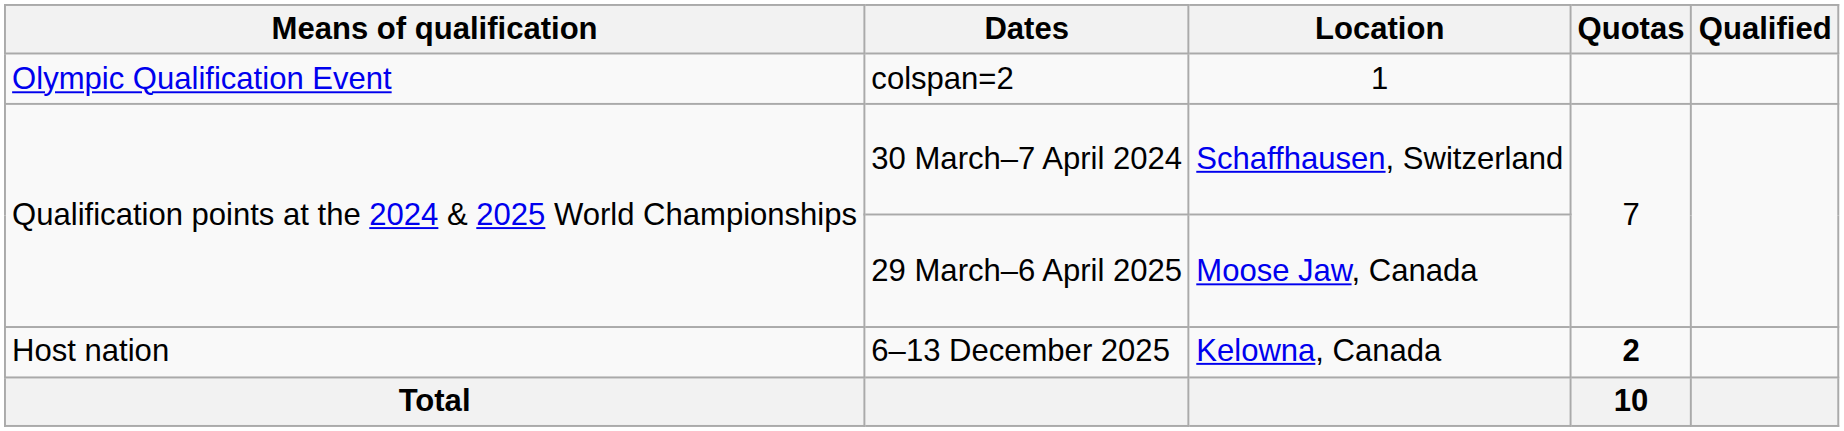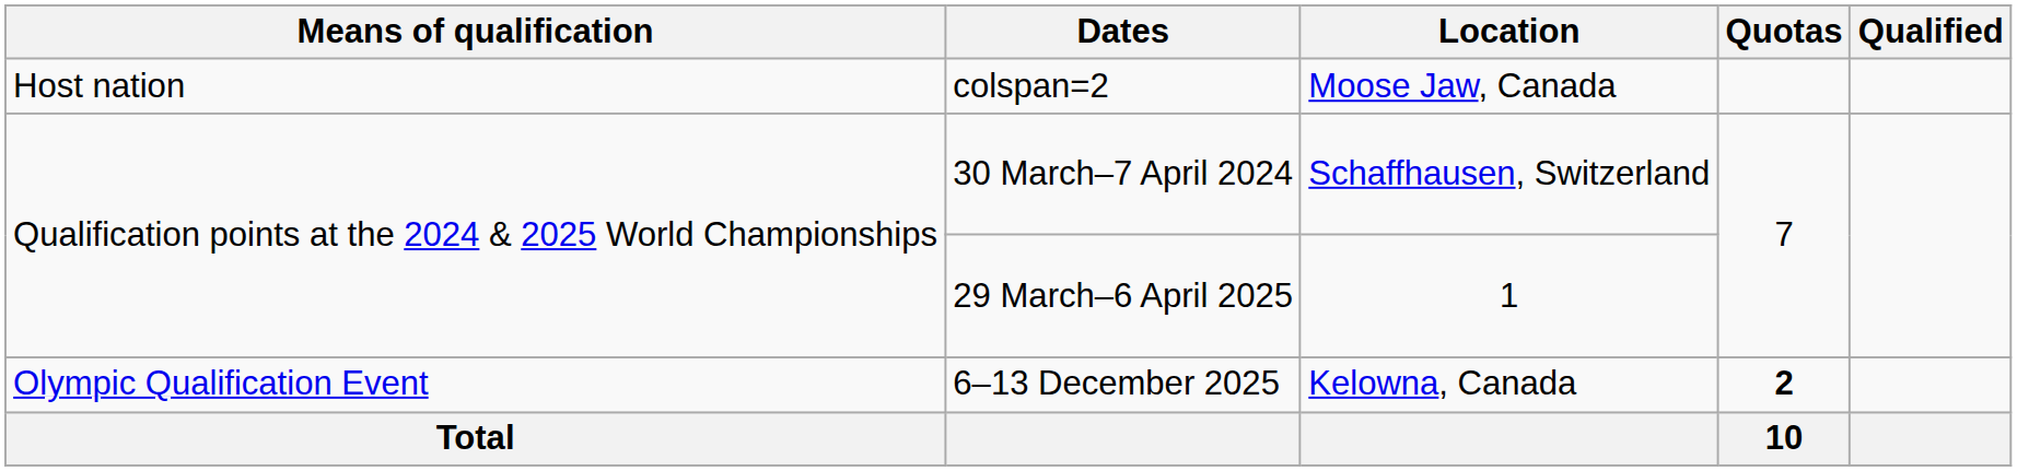 <table class="wikitable">
 <tr>
 <th>Means of qualification</th>
 <th>Dates</th>
 <th>Location</th>
 <th>Quotas</th>
 <th>Qualified</th>
 </tr>
 <tr>
-<td><a href='#'>Olympic Qualification Event</a></td>
+<td>Host nation</td>
 <td>colspan=2 </td>
-<td align=center>1</td>
+<td> <a href='#'>Moose Jaw</a>, Canada</td>
 <td></td>
 </tr>
 <tr>
 <td rowspan=2>Qualification points at the <a href='#'>2024</a> & <a href='#'>2025</a> World Championships</td>
 <td>30 March–7 April 2024</td>
 <td> <a href='#'>Schaffhausen</a>, Switzerland</td>
 <td align=center rowspan=2>7</td>
 <td rowspan=2><br><br><br><br><br><br></td>
 </tr>
 <tr>
 <td>29 March–6 April 2025</td>
-<td> <a href='#'>Moose Jaw</a>, Canada</td>
+<td align=center>1</td>
 </tr>
 <tr>
-<td>Host nation</td>
+<td><a href='#'>Olympic Qualification Event</a></td>
 <td>6–13 December 2025</td>
 <td> <a href='#'>Kelowna</a>, Canada</td>
 <td align=center><strong>2</strong></td>
 <td></td>
 </tr>
 <tr>
 <th>Total</th>
 <th></th>
 <th></th>
 <th>10</th>
 <th></th>
 </tr>
 </table>
